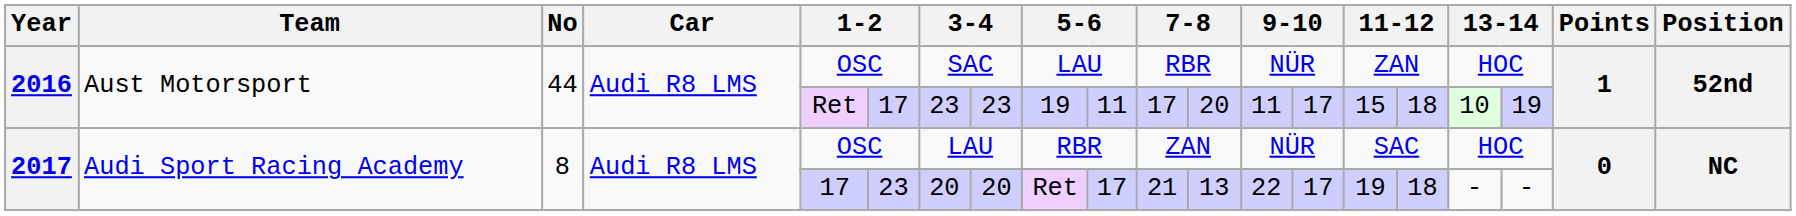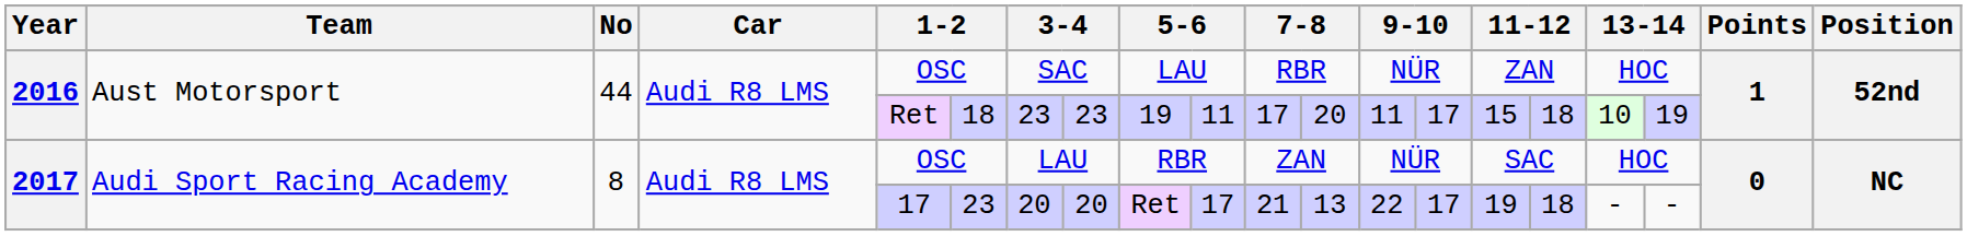 <table class="wikitable" style="text-align:center; font-size:95%">
 <tr>
 <th>Year</th>
 <th>Team</th>
 <th>No</th>
 <th>Car</th>
 <th colspan="2" width="65">1-2</th>
 <th colspan="2" width="60">3-4</th>
 <th colspan="2" width="60">5-6</th>
 <th colspan="2" width="60">7-8</th>
 <th colspan="2" width="60">9-10</th>
 <th colspan="2" width="60">11-12</th>
 <th colspan="2" width="60">13-14</th>
 <th>Points</th>
 <th>Position</th>
 </tr>
 <tr>
 <th rowspan="2"><a href='#'>2016</a></th>
 <td rowspan="2" align="left" width="220">Aust Motorsport</td>
 <td rowspan="2">44</td>
 <td rowspan="2" align="left"><a href='#'>Audi R8 LMS</a></td>
 <td colspan="2"> <a href='#'>OSC</a></td>
 <td colspan="2"> <a href='#'>SAC</a></td>
 <td colspan="2"> <a href='#'>LAU</a></td>
 <td colspan="2"> <a href='#'>RBR</a></td>
 <td colspan="2"> <a href='#'>NÜR</a></td>
 <td colspan="2"> <a href='#'>ZAN</a></td>
 <td colspan="2"> <a href='#'>HOC</a></td>
 <th rowspan="2">1</th>
 <th rowspan="2">52nd</th>
 </tr>
 <tr>
 <td style="background:#EFCFFF;">Ret</td>
-<td style="background:#CFCFFF;">17</td>
+<td style="background:#CFCFFF;">18</td>
 <td style="background:#CFCFFF;">23</td>
 <td style="background:#CFCFFF;">23</td>
 <td style="background:#CFCFFF;">19</td>
 <td style="background:#CFCFFF;">11</td>
 <td style="background:#CFCFFF;">17</td>
 <td style="background:#CFCFFF;">20</td>
 <td style="background:#CFCFFF;">11</td>
 <td style="background:#CFCFFF;">17</td>
 <td style="background:#CFCFFF;">15</td>
 <td style="background:#CFCFFF;">18</td>
 <td style="background:#DFFFDF;">10</td>
 <td style="background:#CFCFFF;">19</td>
 </tr>
 <tr>
 <th rowspan="2"><a href='#'>2017</a></th>
 <td rowspan="2" align="left" width="220"><a href='#'>Audi Sport Racing Academy</a></td>
 <td rowspan="2">8</td>
 <td rowspan="2" align="left" width="100"><a href='#'>Audi R8 LMS</a></td>
 <td colspan="2"> <a href='#'>OSC</a></td>
 <td colspan="2"> <a href='#'>LAU</a></td>
 <td colspan="2"> <a href='#'>RBR</a></td>
 <td colspan="2"> <a href='#'>ZAN</a></td>
 <td colspan="2"> <a href='#'>NÜR</a></td>
 <td colspan="2"> <a href='#'>SAC</a></td>
 <td colspan="2"> <a href='#'>HOC</a></td>
 <th rowspan="2">0</th>
 <th rowspan="2">NC</th>
 </tr>
 <tr>
 <td style="background:#CFCFFF;">17</td>
 <td style="background:#CFCFFF;">23</td>
 <td style="background:#CFCFFF;">20</td>
 <td style="background:#CFCFFF;">20</td>
 <td style="background:#EFCFFF;">Ret</td>
 <td style="background:#CFCFFF;">17</td>
 <td style="background:#CFCFFF;">21</td>
 <td style="background:#CFCFFF;">13</td>
 <td style="background:#CFCFFF;">22</td>
 <td style="background:#CFCFFF;">17</td>
 <td style="background:#CFCFFF;">19</td>
 <td style="background:#CFCFFF;">18</td>
 <td>-</td>
 <td>-</td>
 </tr>
 </table>
